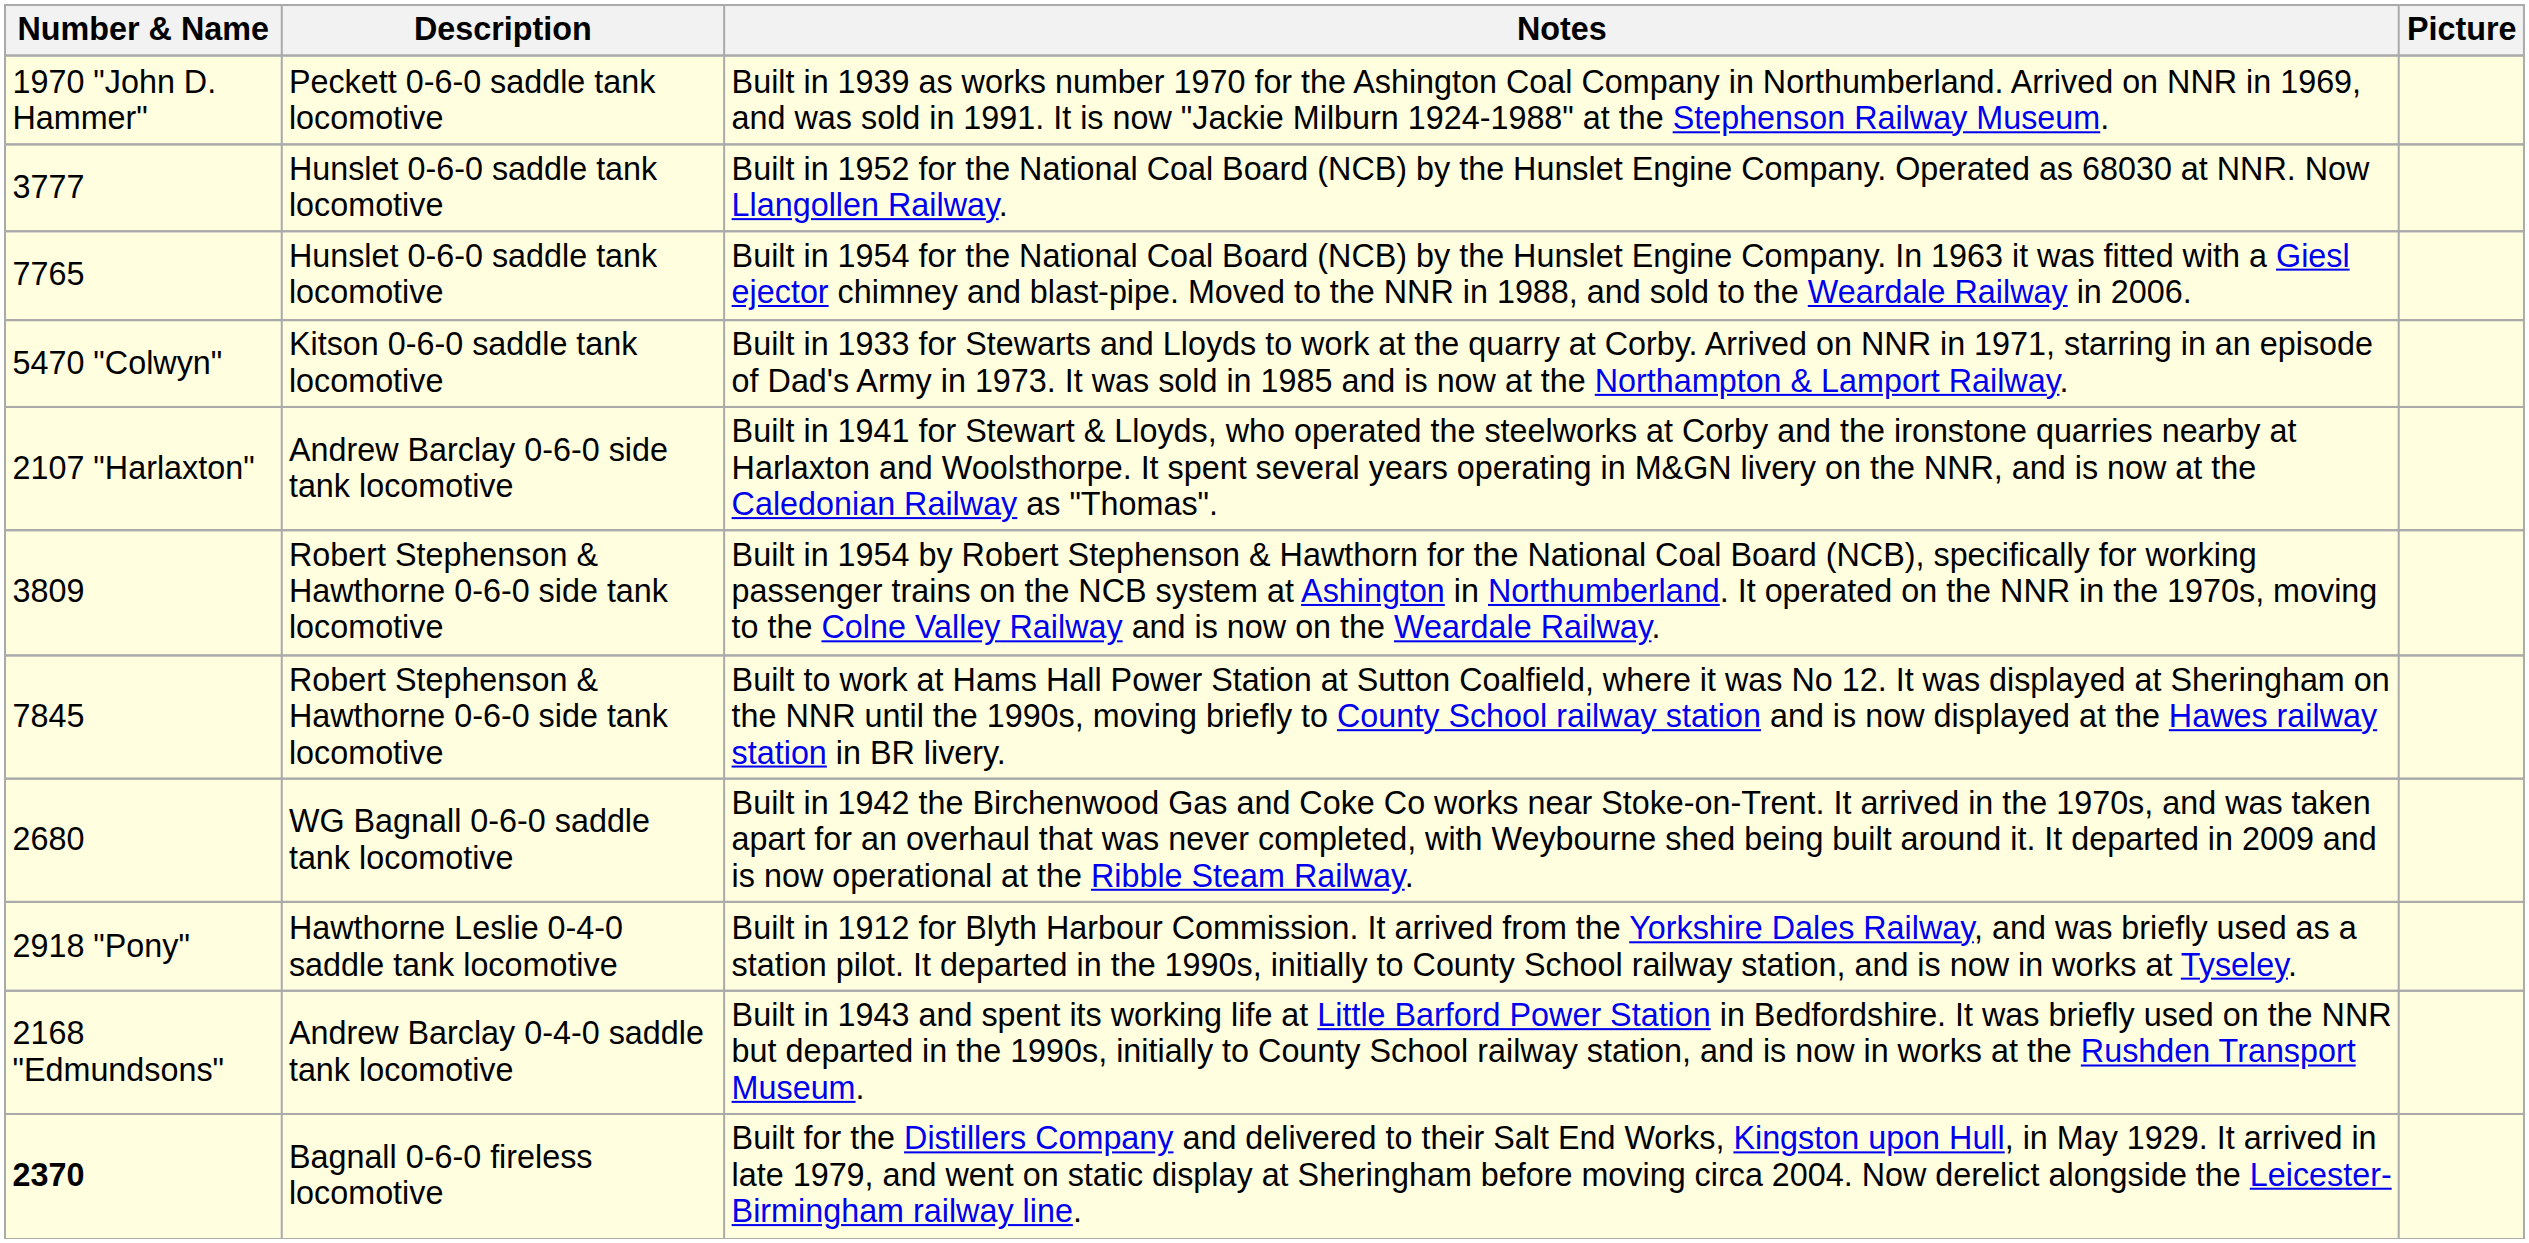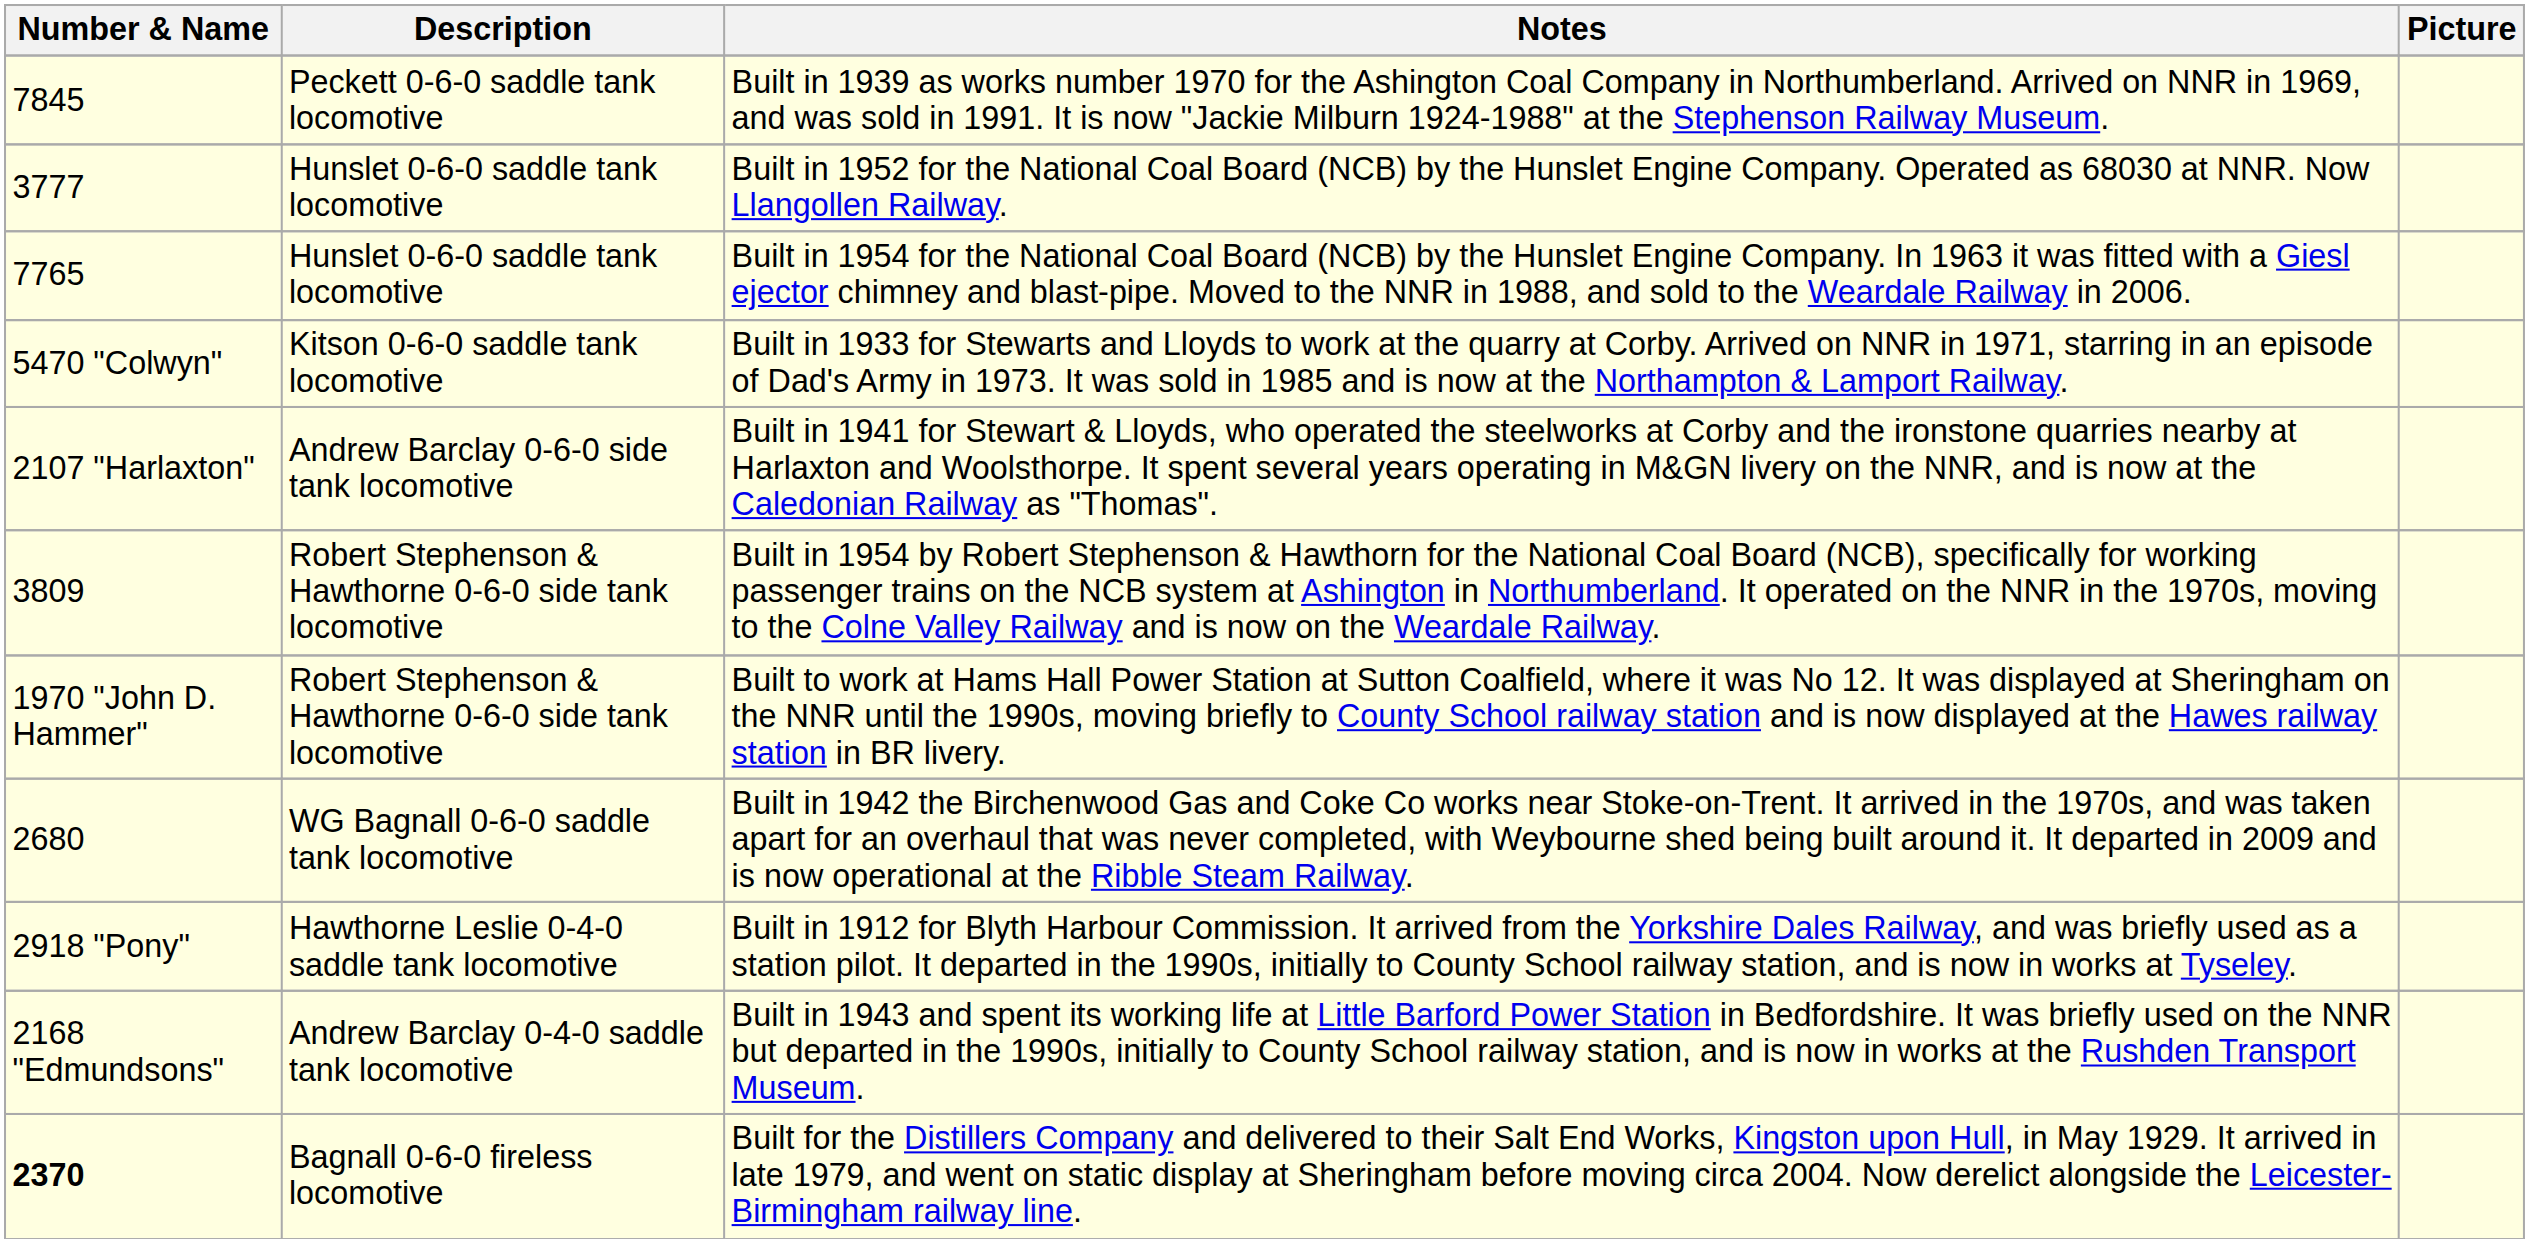 <table class="wikitable">
 <tr>
 <th>Number & Name</th>
 <th>Description</th>
 <th>Notes</th>
 <th>Picture</th>
 </tr>
 <tr>
 </tr>
 <tr bgcolor=#FFFFEO>
-<td>1970 "John D. Hammer"</td>
+<td>7845</td>
 <td>Peckett 0-6-0 saddle tank locomotive</td>
 <td>Built in 1939 as works number 1970 for the Ashington Coal Company in Northumberland. Arrived on NNR in 1969, and was sold in 1991. It is now "Jackie Milburn 1924-1988" at the <a href='#'>Stephenson Railway Museum</a>.</td>
 <td></td>
 </tr>
 <tr>
 </tr>
 <tr bgcolor=#FFFFEO>
 <td>3777</td>
 <td>Hunslet 0-6-0 saddle tank locomotive</td>
 <td>Built in 1952 for the National Coal Board (NCB) by the Hunslet Engine Company. Operated as 68030 at NNR. Now <a href='#'>Llangollen Railway</a>.</td>
 <td></td>
 </tr>
 <tr>
 </tr>
 <tr bgcolor=#FFFFEO>
 <td>7765</td>
 <td>Hunslet 0-6-0 saddle tank locomotive</td>
 <td>Built in 1954 for the National Coal Board (NCB) by the Hunslet Engine Company. In 1963 it was fitted with a <a href='#'>Giesl ejector</a> chimney and blast-pipe. Moved to the NNR in 1988, and sold to the <a href='#'>Weardale Railway</a> in 2006.</td>
 <td></td>
 </tr>
 <tr>
 </tr>
 <tr bgcolor=#FFFFEO>
 <td>5470 "Colwyn"</td>
 <td>Kitson 0-6-0 saddle tank locomotive</td>
 <td>Built in 1933 for Stewarts and Lloyds to work at the quarry at Corby. Arrived on NNR in 1971, starring in an episode of Dad's Army in 1973. It was sold in 1985 and is now at the <a href='#'>Northampton & Lamport Railway</a>.</td>
 <td></td>
 </tr>
 <tr>
 </tr>
 <tr bgcolor=#FFFFEO>
 <td>2107 "Harlaxton"</td>
 <td>Andrew Barclay 0-6-0 side tank locomotive</td>
 <td>Built in 1941 for Stewart & Lloyds, who operated the steelworks at Corby and the ironstone quarries nearby at Harlaxton and Woolsthorpe. It spent several years operating in M&GN livery on the NNR, and is now at the <a href='#'>Caledonian Railway</a> as "Thomas".</td>
 <td></td>
 </tr>
 <tr>
 </tr>
 <tr bgcolor=#FFFFEO>
 <td>3809</td>
 <td>Robert Stephenson & Hawthorne 0-6-0 side tank locomotive</td>
 <td>Built in 1954 by Robert Stephenson & Hawthorn for the National Coal Board (NCB), specifically for working passenger trains on the NCB system at <a href='#'>Ashington</a> in <a href='#'>Northumberland</a>. It operated on the NNR in the 1970s, moving to the <a href='#'>Colne Valley Railway</a> and is now on the <a href='#'>Weardale Railway</a>.</td>
 <td></td>
 </tr>
 <tr>
 </tr>
 <tr bgcolor=#FFFFEO>
-<td>7845</td>
+<td>1970 "John D. Hammer"</td>
 <td>Robert Stephenson & Hawthorne 0-6-0 side tank locomotive</td>
 <td>Built to work at Hams Hall Power Station at Sutton Coalfield, where it was No 12. It was displayed at Sheringham on the NNR until the 1990s, moving briefly to <a href='#'>County School railway station</a> and is now displayed at the <a href='#'>Hawes railway station</a> in BR livery.</td>
 <td></td>
 </tr>
 <tr>
 </tr>
 <tr bgcolor=#FFFFEO>
 <td>2680</td>
 <td>WG Bagnall 0-6-0 saddle tank locomotive</td>
 <td>Built in 1942 the Birchenwood Gas and Coke Co works near Stoke-on-Trent. It arrived in the 1970s, and was taken apart for an overhaul that was never completed, with Weybourne shed being built around it. It departed in 2009 and is now operational at the <a href='#'>Ribble Steam Railway</a>.</td>
 <td></td>
 </tr>
 <tr>
 </tr>
 <tr bgcolor=#FFFFEO>
 <td>2918 "Pony"</td>
 <td>Hawthorne Leslie 0-4-0 saddle tank locomotive</td>
 <td>Built in 1912 for Blyth Harbour Commission. It arrived from the <a href='#'>Yorkshire Dales Railway</a>, and was briefly used as a station pilot. It departed in the 1990s, initially to County School railway station, and is now in works at <a href='#'>Tyseley</a>.</td>
 <td></td>
 </tr>
 <tr>
 </tr>
 <tr bgcolor=#FFFFEO>
 <td>2168 "Edmundsons"</td>
 <td>Andrew Barclay 0-4-0 saddle tank locomotive</td>
 <td>Built in 1943 and spent its working life at <a href='#'>Little Barford Power Station</a> in Bedfordshire. It was briefly used on the NNR but departed in the 1990s, initially to County School railway station, and is now in works at the <a href='#'>Rushden Transport Museum</a>.</td>
 <td></td>
 </tr>
 <tr>
 </tr>
 <tr bgcolor=#FFFFEO>
 <td><strong>2370</strong></td>
 <td>Bagnall 0-6-0 fireless locomotive</td>
 <td>Built for the <a href='#'>Distillers Company</a> and delivered to their Salt End Works, <a href='#'>Kingston upon Hull</a>, in May 1929. It arrived in late 1979, and went on static display at Sheringham before moving circa 2004. Now derelict alongside the <a href='#'>Leicester-Birmingham railway line</a>.</td>
 <td></td>
 </tr>
 <tr>
 </tr>
 </table>
